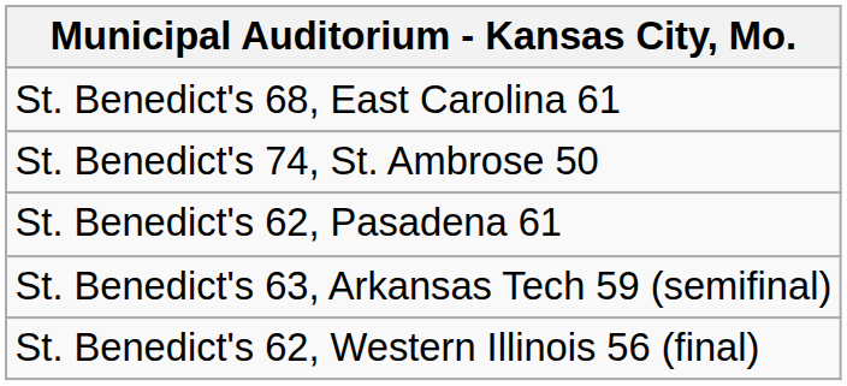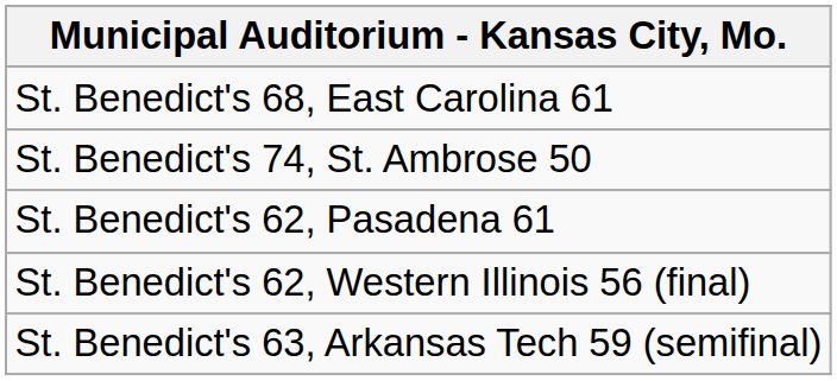 <table class="wikitable">
 <tr>
 <th>Municipal Auditorium - Kansas City, Mo.</th>
 </tr>
 <tr>
 <td>St. Benedict's 68, East Carolina 61</td>
 </tr>
 <tr>
 <td>St. Benedict's 74, St. Ambrose 50</td>
 </tr>
 <tr>
 <td>St. Benedict's 62, Pasadena 61</td>
 </tr>
 <tr>
+<td>St. Benedict's 62, Western Illinois 56 (final)</td>
+</tr>
+<tr>
 <td>St. Benedict's 63, Arkansas Tech 59 (semifinal)</td>
 </tr>
-<tr>
-<td>St. Benedict's 62, Western Illinois 56 (final)</td>
-</tr>
 </table>
